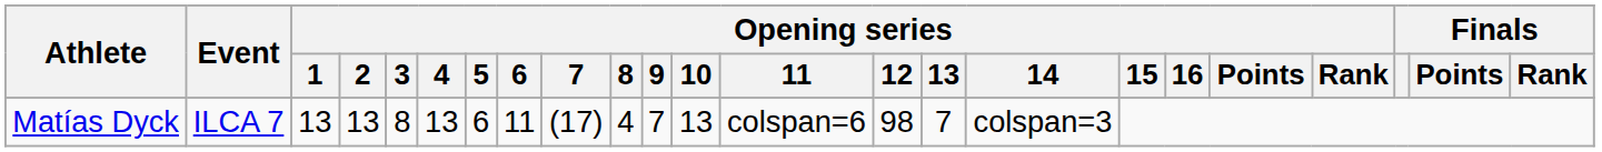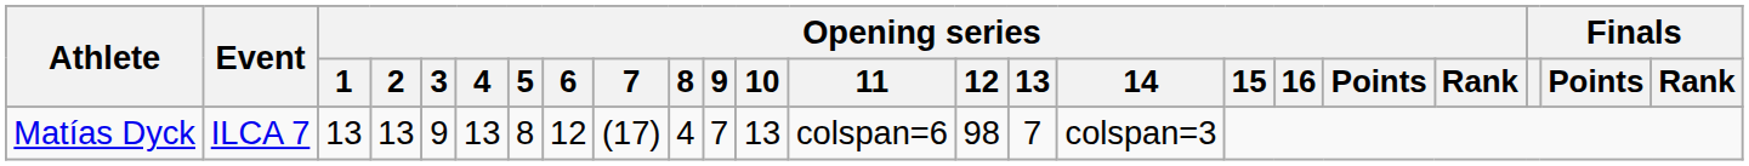 <table class=wikitable style=font-size:90%;text-align:center>
 <tr>
 <th rowspan=2>Athlete</th>
 <th rowspan=2>Event</th>
 <th colspan=18>Opening series</th>
 <th colspan=3>Finals</th>
 </tr>
 <tr style=font-size:95%>
 <th>1</th>
 <th>2</th>
 <th>3</th>
 <th>4</th>
 <th>5</th>
 <th>6</th>
 <th>7</th>
 <th>8</th>
 <th>9</th>
 <th>10</th>
 <th>11</th>
 <th>12</th>
 <th>13</th>
 <th>14</th>
 <th>15</th>
 <th>16</th>
 <th>Points</th>
 <th>Rank</th>
 <th></th>
 <th>Points</th>
 <th>Rank</th>
 </tr>
 <tr align=center>
 <td align=left><a href='#'>Matías Dyck</a></td>
 <td align=left><a href='#'>ILCA 7</a></td>
 <td>13</td>
 <td>13</td>
+<td>9</td>
+<td>13</td>
 <td>8</td>
-<td>13</td>
-<td>6</td>
-<td>11</td>
+<td>12</td>
 <td>(17)</td>
 <td>4</td>
 <td>7</td>
 <td>13</td>
 <td>colspan=6 </td>
 <td>98</td>
 <td>7</td>
 <td>colspan=3 </td>
 </tr>
 </table>
